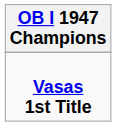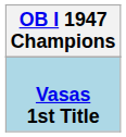 <table class="wikitable" style="text-align: center; margin: 0 auto;">
 <tr>
 <th><a href='#'>OB I</a> 1947<br>Champions</th>
 </tr>
 <tr>
 </tr>
 <tr>
-<td> <br><strong><a href='#'>Vasas</a></strong><br><strong>1st Title</strong></td>
+<td style="background: lightblue;"> <br><strong><a href='#'>Vasas</a></strong><br><strong>1st Title</strong></td>
 </tr>
 </table>
